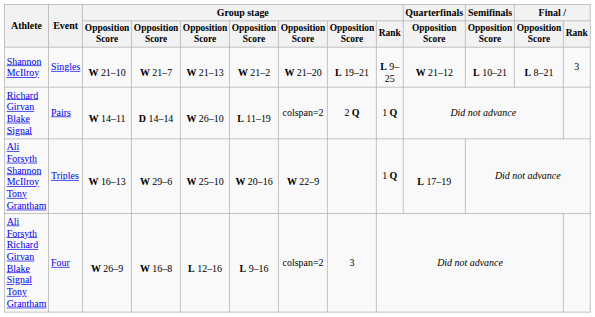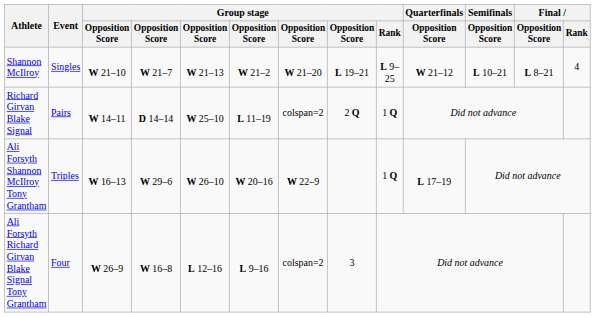 <table class=wikitable style="font-size:90%;text-align:center">
 <tr>
 <th width=120 rowspan="2">Athlete</th>
 <th rowspan="2">Event</th>
 <th colspan=7>Group stage</th>
 <th>Quarterfinals</th>
 <th>Semifinals</th>
 <th colspan=2>Final / </th>
 </tr>
 <tr style="font-size:95%">
 <th width=100>Opposition<br>Score</th>
 <th width=100>Opposition<br>Score</th>
 <th width=100>Opposition<br>Score</th>
 <th width=100>Opposition<br>Score</th>
 <th width=100>Opposition<br>Score</th>
 <th width=100>Opposition<br>Score</th>
 <th>Rank</th>
 <th width=100>Opposition<br>Score</th>
 <th width=100>Opposition<br>Score</th>
 <th width=100>Opposition<br>Score</th>
 <th>Rank</th>
 </tr>
 <tr>
 <td align=left><a href='#'>Shannon McIlroy</a></td>
 <td align=left><a href='#'>Singles</a></td>
 <td> <br><strong>W</strong> 21–10</td>
 <td> <br><strong>W</strong> 21–7</td>
 <td> <br><strong>W</strong> 21–13</td>
 <td> <br> <strong>W</strong> 21–2</td>
 <td><br><strong>W</strong> 21–20</td>
 <td><br><strong>L</strong> 19–21</td>
 <td><br><strong>L</strong> 9–25</td>
 <td><br><strong>W</strong> 21–12</td>
 <td><br><strong>L</strong> 10–21</td>
 <td><br><strong>L</strong> 8–21</td>
-<td>3</td>
+<td>4</td>
 </tr>
 <tr>
 <td align=left><a href='#'>Richard Girvan</a><br><a href='#'>Blake Signal</a></td>
 <td align=left><a href='#'>Pairs</a></td>
 <td><br><strong>W</strong> 14–11</td>
 <td><br><strong>D</strong> 14–14</td>
-<td><br><strong>W</strong> 26–10</td>
+<td><br><strong>W</strong> 25–10</td>
 <td><br><strong>L</strong> 11–19</td>
 <td>colspan=2 </td>
 <td>2 <strong>Q</strong></td>
 <td>1 <strong>Q</strong></td>
 <td colspan=3><em>Did not advance</em></td>
 </tr>
 <tr>
 <td align=left><a href='#'>Ali Forsyth</a><br><a href='#'>Shannon McIlroy</a><br><a href='#'>Tony Grantham</a></td>
 <td align=left><a href='#'>Triples</a></td>
 <td><br><strong>W</strong> 16–13</td>
 <td><br><strong>W</strong> 29–6</td>
-<td><br><strong>W</strong> 25–10</td>
+<td><br><strong>W</strong> 26–10</td>
 <td><br><strong>W</strong> 20–16</td>
 <td><br><strong>W</strong> 22–9</td>
 <td></td>
 <td>1 <strong>Q</strong></td>
 <td><br><strong>L</strong> 17–19</td>
 <td colspan=3><em>Did not advance</em></td>
 </tr>
 <tr>
 <td align=left><a href='#'>Ali Forsyth</a><br><a href='#'>Richard Girvan</a><br><a href='#'>Blake Signal</a><br><a href='#'>Tony Grantham</a></td>
 <td align=left><a href='#'>Four</a></td>
 <td><br><strong>W</strong> 26–9</td>
 <td><br><strong>W</strong> 16–8</td>
 <td><br><strong>L</strong> 12–16</td>
 <td><br><strong>L</strong> 9–16</td>
 <td>colspan=2 </td>
 <td>3</td>
 <td colspan=4><em>Did not advance</em></td>
 </tr>
 </table>
